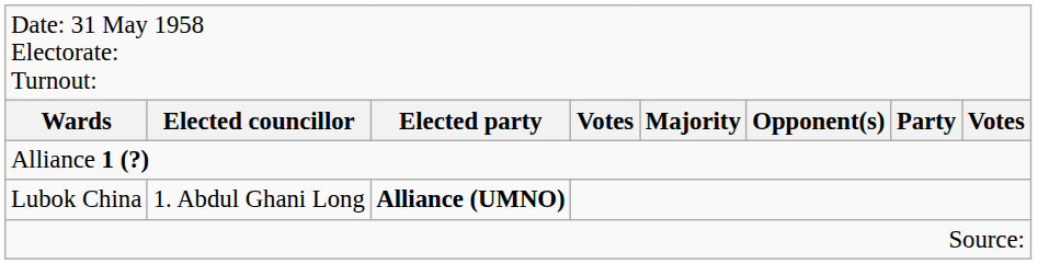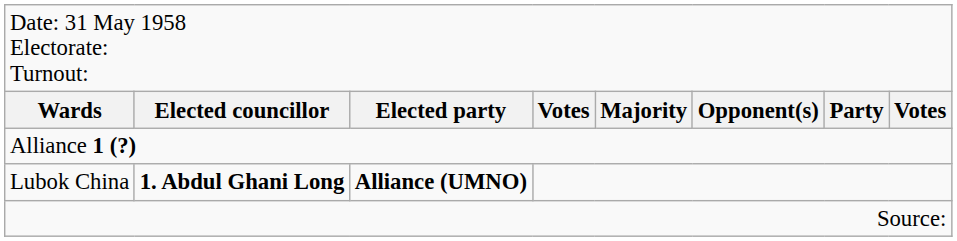 <table class=wikitable>
 <tr>
 <td colspan=8>Date: 31 May 1958<br>Electorate: <br>Turnout:</td>
 </tr>
 <tr>
 <th>Wards</th>
 <th>Elected councillor</th>
 <th>Elected party</th>
 <th>Votes</th>
 <th>Majority</th>
 <th>Opponent(s)</th>
 <th>Party</th>
 <th>Votes</th>
 </tr>
 <tr>
 <td colspan=8>Alliance <strong>1 (?)</strong> </td>
 </tr>
 <tr>
 <td>Lubok China</td>
-<td>1. Abdul Ghani Long</td>
+<td><strong>1. Abdul Ghani Long</strong></td>
 <td><strong>Alliance (UMNO)</strong></td>
 </tr>
 <tr>
 <td colspan="8" style="text-align:right;">Source: </td>
 </tr>
 </table>
